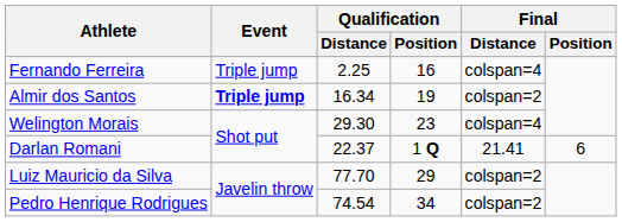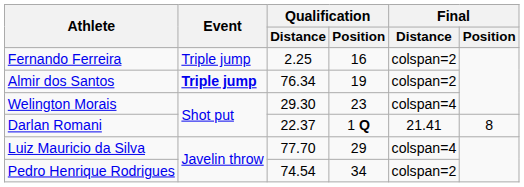 <table class=wikitable style=font-size:90%>
 <tr>
 <th rowspan=2>Athlete</th>
 <th rowspan=2>Event</th>
 <th colspan=2>Qualification</th>
 <th colspan=2>Final</th>
 </tr>
 <tr style=font-size:95%>
 <th>Distance</th>
 <th>Position</th>
 <th>Distance</th>
 <th>Position</th>
 </tr>
 <tr align=center>
 <td align=left><a href='#'>Fernando Ferreira</a></td>
 <td align=left><a href='#'>Triple jump</a></td>
 <td>2.25 </td>
 <td>16</td>
-<td>colspan=4 </td>
+<td>colspan=2 </td>
 </tr>
 <tr align=center>
 <td align=left><a href='#'>Almir dos Santos</a></td>
 <td align=left><strong><a href='#'>Triple jump</a></strong></td>
-<td>16.34</td>
+<td>76.34</td>
 <td>19</td>
 <td>colspan=2 </td>
 </tr>
 <tr align=center>
 <td align=left><a href='#'>Welington Morais</a></td>
 <td align=left rowspan=2><a href='#'>Shot put</a></td>
 <td>29.30</td>
 <td>23</td>
 <td>colspan=4 </td>
 </tr>
 <tr align=center>
 <td align=left><a href='#'>Darlan Romani</a></td>
 <td>22.37 </td>
 <td>1 <strong>Q</strong></td>
 <td>21.41</td>
-<td>6</td>
+<td>8</td>
 </tr>
 <tr align=center>
 <td align=left><a href='#'>Luiz Mauricio da Silva</a></td>
 <td align=left rowspan=2><a href='#'>Javelin throw</a></td>
 <td>77.70</td>
 <td>29</td>
-<td>colspan=2 </td>
+<td>colspan=4 </td>
 </tr>
 <tr align=center>
 <td align=left><a href='#'>Pedro Henrique Rodrigues</a></td>
 <td>74.54</td>
 <td>34</td>
 <td>colspan=2 </td>
 </tr>
 </table>
